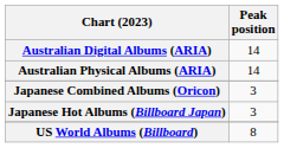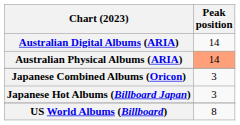 <table class="wikitable sortable plainrowheaders" style="text-align:center;">
 <tr>
 <th scope="col">Chart (2023)</th>
 <th scope="col">Peak<br>position</th>
 </tr>
 <tr>
 <th scope="row"><a href='#'>Australian Digital Albums</a> (<a href='#'>ARIA</a>)</th>
 <td>14</td>
 </tr>
 <tr>
 <th scope="row">Australian Physical Albums (<a href='#'>ARIA</a>)</th>
-<td>14</td>
+<td style="background: lightsalmon;">14</td>
 </tr>
 <tr>
 </tr>
 <tr>
 </tr>
 <tr>
 </tr>
 <tr>
 </tr>
 <tr>
 <th scope="row">Japanese Combined Albums (<a href='#'>Oricon</a>)</th>
 <td>3</td>
 </tr>
 <tr>
 <th scope="row">Japanese Hot Albums (<em><a href='#'>Billboard Japan</a></em>)</th>
 <td>3</td>
 </tr>
 <tr>
 </tr>
 <tr>
 </tr>
 <tr>
 </tr>
 <tr>
 </tr>
 <tr>
 </tr>
 <tr>
 </tr>
 <tr>
 </tr>
 <tr>
 </tr>
 <tr>
 </tr>
 <tr>
 <th scope="row">US <a href='#'>World Albums</a> (<em><a href='#'>Billboard</a></em>)</th>
 <td>8</td>
 </tr>
 </table>
